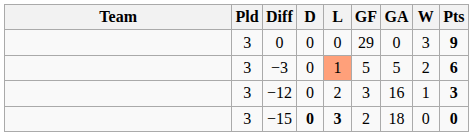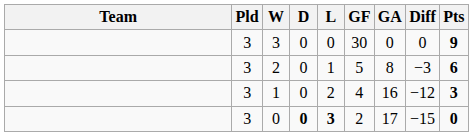 <table class="wikitable" style="text-align: center;">
 <tr>
 <th width=220>Team</th>
 <th width=20>Pld</th>
-<th width=20>Diff</th>
+<th width=20>W</th>
 <th width=20>D</th>
 <th width=20>L</th>
 <th width=20>GF</th>
 <th width=20>GA</th>
-<th width=20>W</th>
+<th width=20>Diff</th>
 <th width=20>Pts</th>
 </tr>
 <tr>
 <td align="left"></td>
 <td>3</td>
+<td>3</td>
 <td>0</td>
 <td>0</td>
+<td>30</td>
 <td>0</td>
-<td>29</td>
 <td>0</td>
-<td>3</td>
 <td><strong>9</strong></td>
 </tr>
 <tr>
 <td align="left"></td>
 <td>3</td>
+<td>2</td>
+<td>0</td>
+<td>1</td>
+<td>5</td>
+<td>8</td>
 <td>−3</td>
-<td>0</td>
-<td style="background: lightsalmon;">1</td>
-<td>5</td>
-<td>5</td>
-<td>2</td>
 <td><strong>6</strong></td>
 </tr>
 <tr>
 <td align="left"></td>
 <td>3</td>
-<td>−12</td>
+<td>1</td>
 <td>0</td>
 <td>2</td>
-<td>3</td>
+<td>4</td>
 <td>16</td>
-<td>1</td>
+<td>−12</td>
 <td><strong>3</strong></td>
 </tr>
 <tr>
 <td align="left"></td>
 <td>3</td>
-<td>−15</td>
+<td>0</td>
 <td><strong>0</strong></td>
 <td><strong>3</strong></td>
 <td>2</td>
-<td>18</td>
-<td>0</td>
+<td>17</td>
+<td>−15</td>
 <td><strong>0</strong></td>
 </tr>
 </table>
